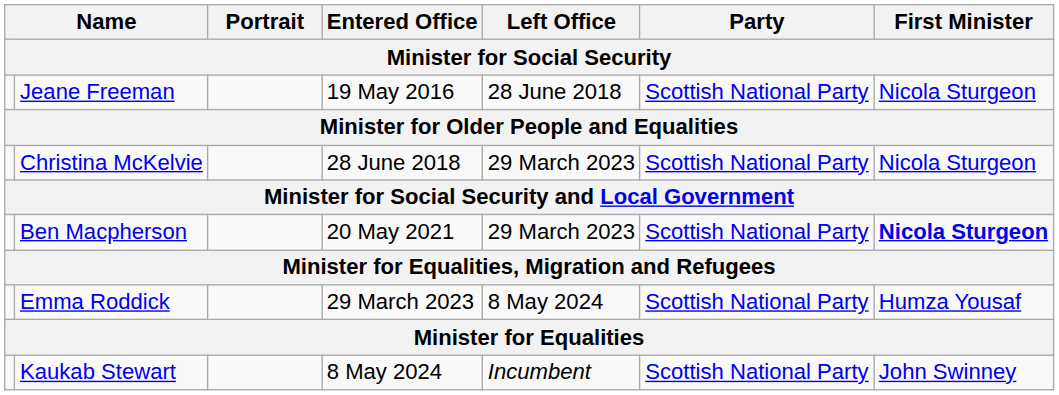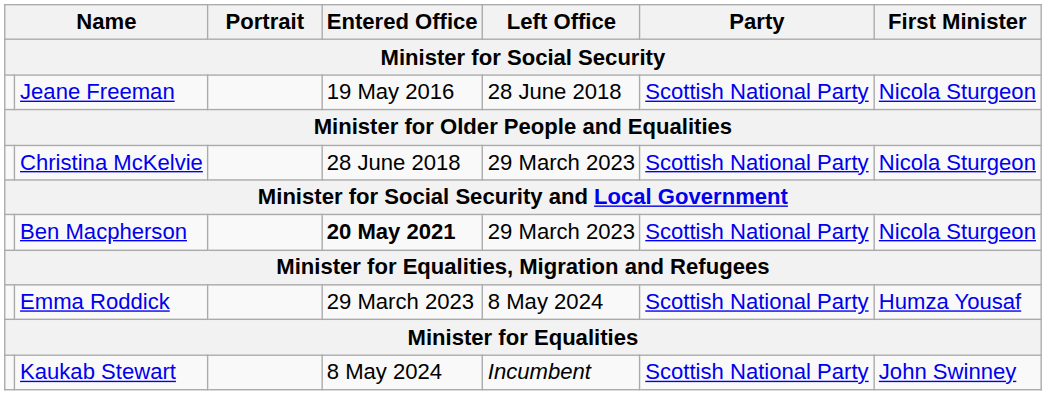 <table class="wikitable" style="margin: 0 0 0 1em; background: #f9f9f9; border: 1px #aaaaaa solid; border-collapse: collapse; ">
 <tr>
 <th colspan="2">Name</th>
 <th width=75>Portrait</th>
 <th>Entered Office</th>
 <th>Left Office</th>
 <th>Party</th>
 <th>First Minister</th>
 </tr>
 <tr>
 <th colspan="8">Minister for Social Security</th>
 </tr>
 <tr>
 <td></td>
 <td><a href='#'>Jeane Freeman</a></td>
 <td></td>
 <td>19 May 2016</td>
 <td>28 June 2018</td>
 <td><a href='#'>Scottish National Party</a></td>
 <td><a href='#'>Nicola Sturgeon</a></td>
 </tr>
 <tr>
 <th colspan="8">Minister for Older People and Equalities</th>
 </tr>
 <tr>
 <td></td>
 <td><a href='#'>Christina McKelvie</a></td>
 <td></td>
 <td>28 June 2018</td>
 <td>29 March 2023</td>
 <td><a href='#'>Scottish National Party</a></td>
 <td><a href='#'>Nicola Sturgeon</a></td>
 </tr>
 <tr>
 <th colspan="8">Minister for Social Security and <a href='#'>Local Government</a></th>
 </tr>
 <tr>
 <td></td>
 <td><a href='#'>Ben Macpherson</a></td>
 <td></td>
-<td>20 May 2021</td>
+<td><strong>20 May 2021</strong></td>
 <td>29 March 2023</td>
 <td><a href='#'>Scottish National Party</a></td>
-<td><strong><a href='#'>Nicola Sturgeon</a></strong></td>
+<td><a href='#'>Nicola Sturgeon</a></td>
 </tr>
 <tr>
 <th colspan="8">Minister for Equalities, Migration and Refugees</th>
 </tr>
 <tr>
 <td></td>
 <td><a href='#'>Emma Roddick</a></td>
 <td></td>
 <td>29 March 2023</td>
 <td>8 May 2024</td>
 <td><a href='#'>Scottish National Party</a></td>
 <td><a href='#'>Humza Yousaf</a></td>
 </tr>
 <tr>
 <th colspan="8">Minister for Equalities</th>
 </tr>
 <tr>
 <td></td>
 <td><a href='#'>Kaukab Stewart</a></td>
 <td></td>
 <td>8 May 2024</td>
 <td><em>Incumbent</em></td>
 <td><a href='#'>Scottish National Party</a></td>
 <td><a href='#'>John Swinney</a></td>
 </tr>
 </table>
